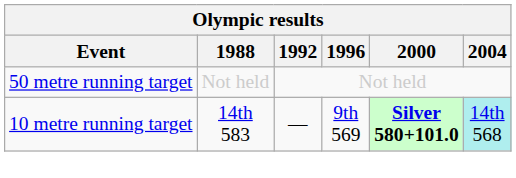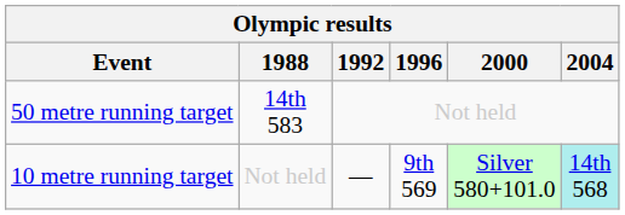 <table class="wikitable" style="text-align: center">
 <tr>
 <th colspan=6>Olympic results</th>
 </tr>
 <tr>
 <th>Event</th>
 <th>1988</th>
 <th>1992</th>
 <th>1996</th>
 <th>2000</th>
 <th>2004</th>
 </tr>
 <tr>
 <td align=left><a href='#'>50 metre running target</a></td>
-<td style="color: #cccccc">Not held</td>
+<td><a href='#'>14th</a><br>583</td>
 <td colspan=4 style="color: #cccccc">Not held</td>
 </tr>
 <tr>
 <td align=left><a href='#'>10 metre running target</a></td>
-<td><a href='#'>14th</a><br>583</td>
+<td style="color: #cccccc">Not held</td>
 <td>—</td>
 <td><a href='#'>9th</a><br>569</td>
-<td style="background: #ccffcc"><strong> <a href='#'>Silver</a><br>580+101.0</strong></td>
+<td style="background: #ccffcc"> <a href='#'>Silver</a><br>580+101.0</td>
 <td style="background: paleturquoise;"><a href='#'>14th</a><br>568</td>
 </tr>
 </table>
